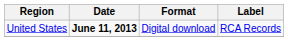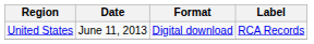 <table class=wikitable>
 <tr>
 <th>Region</th>
 <th>Date</th>
 <th>Format</th>
 <th>Label</th>
 </tr>
 <tr>
 <td><a href='#'>United States</a></td>
-<td><strong>June 11, 2013</strong></td>
+<td>June 11, 2013</td>
 <td><a href='#'>Digital download</a></td>
 <td><a href='#'>RCA Records</a></td>
 </tr>
 <tr>
 </tr>
 </table>
